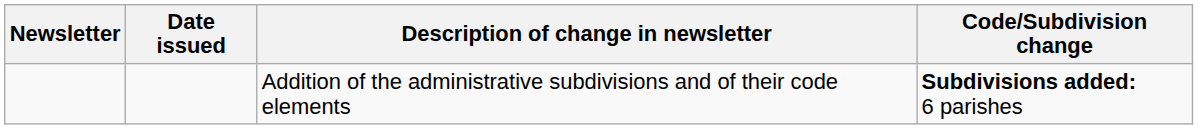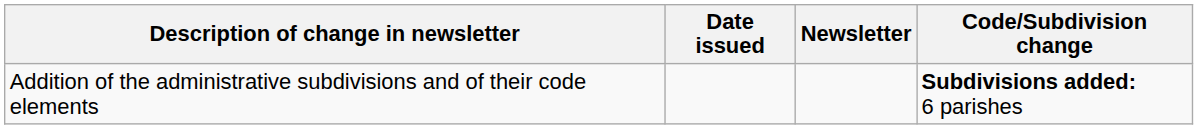 <table class="wikitable">
 <tr>
+<th>Description of change in newsletter</th>
+<th>Date issued</th>
 <th>Newsletter</th>
-<th>Date issued</th>
-<th>Description of change in newsletter</th>
 <th>Code/Subdivision change</th>
 </tr>
 <tr>
+<td>Addition of the administrative subdivisions and of their code elements</td>
+<td></td>
 <td id="I-8"></td>
-<td></td>
-<td>Addition of the administrative subdivisions and of their code elements</td>
 <td style=white-space:nowrap><strong>Subdivisions added:</strong><br> 6 parishes</td>
 </tr>
 </table>
